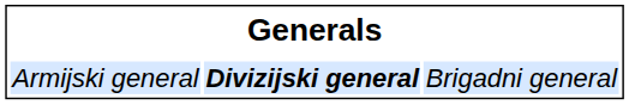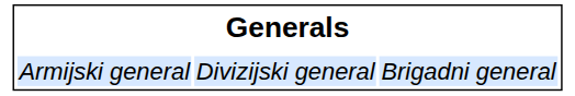 <table style="border:1px solid black; background:white; font-size:95%; margin:auto;">
 <tr>
 <td style="text-align:center;" colspan="3"><big><strong>Generals</strong></big></td>
 </tr>
 <tr align=center>
 <td></td>
 <td></td>
 <td></td>
 </tr>
 <tr style="text-align:center; background:#d7e8ff;">
 <td><em>Armijski general</em></td>
-<td><strong><em>Divizijski general</em></strong></td>
+<td><em>Divizijski general</em></td>
 <td><em>Brigadni general</em></td>
 </tr>
 </table>
